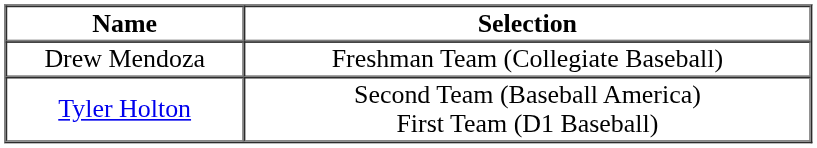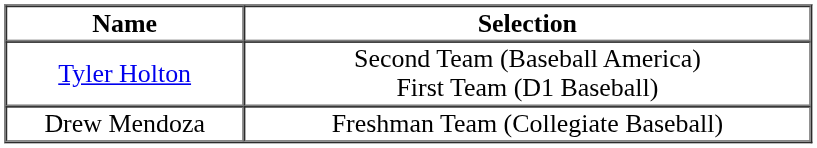 <table cellpadding="1" border="1" cellspacing="0" width="80%">
 <tr>
 <th>Name</th>
 <th>Selection</th>
 </tr>
 <tr align="center">
+<td><a href='#'>Tyler Holton</a></td>
+<td>Second Team (Baseball America)<br>First Team (D1 Baseball)</td>
+</tr>
+<tr align="center">
 <td>Drew Mendoza</td>
 <td>Freshman Team (Collegiate Baseball)</td>
 </tr>
 <tr align="center">
-<td><a href='#'>Tyler Holton</a></td>
-<td>Second Team (Baseball America)<br>First Team (D1 Baseball)</td>
-</tr>
-<tr align="center">
 </tr>
 </table>
